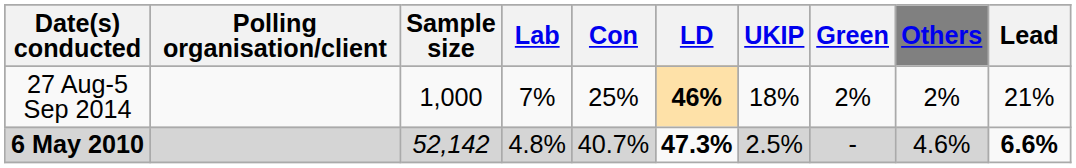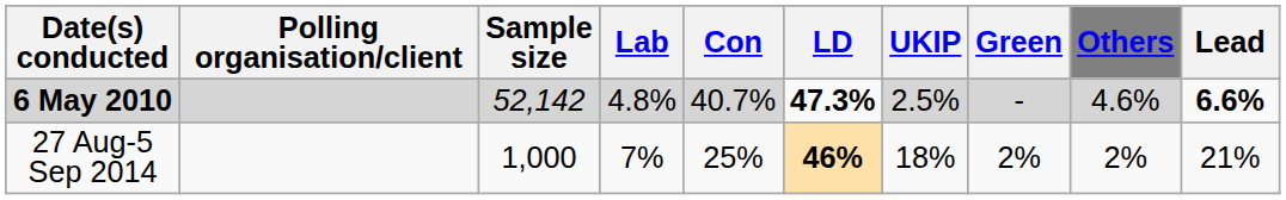 <table class="wikitable sortable" style="text-align:center;font-size:90%;line-height:14px">
 <tr>
 <th ! style="width:105px;">Date(s)<br>conducted</th>
 <th style="width:200px;">Polling organisation/client</th>
 <th class="unsortable" style="width:60px;">Sample size</th>
 <th class="unsortable" style="background:"><a href='#'><span>Lab</span></a></th>
 <th class="unsortable" style="background:"><a href='#'><span>Con</span></a></th>
 <th class="unsortable" style="background:"><a href='#'><span>LD</span></a></th>
 <th class="unsortable" style="background:"><a href='#'><span>UKIP</span></a></th>
 <th class="unsortable" style="background:"><a href='#'><span>Green</span></a></th>
 <th class="unsortable" style="background:gray; width:50px;"><a href='#'><span>Others</span></a></th>
 <th class="unsortable" style="width:90px;">Lead</th>
 </tr>
 <tr>
+<td style="background:#D5D5D5"><strong>6 May 2010</strong></td>
+<td style="background:#D5D5D5"></td>
+<td style="background:#D5D5D5"><em>52,142</em></td>
+<td style="background:#D5D5D5">4.8%</td>
+<td style="background:#D5D5D5">40.7%</td>
+<td style="background:"><strong>47.3%</strong></td>
+<td style="background:#D5D5D5">2.5%</td>
+<td style="background:#D5D5D5">-</td>
+<td style="background:#D5D5D5">4.6%</td>
+<td style="background:"><strong>6.6% </strong></td>
+</tr>
+<tr>
 <td>27 Aug-5 Sep 2014</td>
 <td></td>
 <td>1,000</td>
 <td>7%</td>
 <td>25%</td>
 <td style="background:#FEE1A8"><strong>46%</strong></td>
 <td>18%</td>
 <td>2%</td>
 <td>2%</td>
 <td style="background:">21%</td>
 </tr>
-<tr>
-<td style="background:#D5D5D5"><strong>6 May 2010</strong></td>
-<td style="background:#D5D5D5"></td>
-<td style="background:#D5D5D5"><em>52,142</em></td>
-<td style="background:#D5D5D5">4.8%</td>
-<td style="background:#D5D5D5">40.7%</td>
-<td style="background:"><strong>47.3%</strong></td>
-<td style="background:#D5D5D5">2.5%</td>
-<td style="background:#D5D5D5">-</td>
-<td style="background:#D5D5D5">4.6%</td>
-<td style="background:"><strong>6.6% </strong></td>
-</tr>
 </table>
